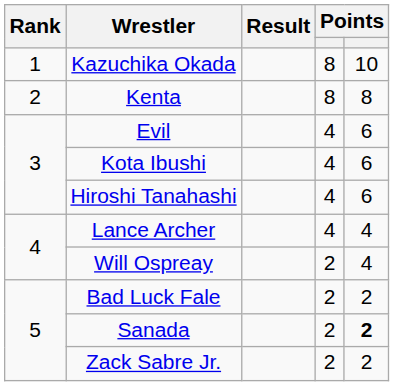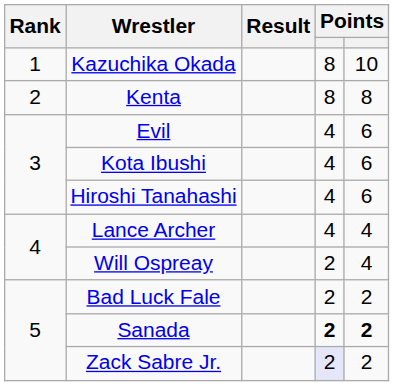 <table class="wikitable mw-collapsible mw-collapsed" plainrowheaders sortable" style="text-align: center">
 <tr>
 <th scope="col" rowspan="2">Rank</th>
 <th scope="col" rowspan="2">Wrestler</th>
 <th scope="col" rowspan="2">Result</th>
 <th scope="col" colspan="2">Points</th>
 </tr>
 <tr>
 <th></th>
 <th></th>
 </tr>
 <tr>
 <td>1</td>
 <td><a href='#'>Kazuchika Okada</a></td>
 <td></td>
 <td>8</td>
 <td>10</td>
 </tr>
 <tr>
 <td>2</td>
 <td><a href='#'>Kenta</a></td>
 <td></td>
 <td>8</td>
 <td>8</td>
 </tr>
 <tr>
 <td rowspan="3">3</td>
 <td><a href='#'>Evil</a></td>
 <td></td>
 <td>4</td>
 <td>6</td>
 </tr>
 <tr>
 <td><a href='#'>Kota Ibushi</a></td>
 <td></td>
 <td>4</td>
 <td>6</td>
 </tr>
 <tr>
 <td><a href='#'>Hiroshi Tanahashi</a></td>
 <td></td>
 <td>4</td>
 <td>6</td>
 </tr>
 <tr>
 <td rowspan="2">4</td>
 <td><a href='#'>Lance Archer</a></td>
 <td></td>
 <td>4</td>
 <td>4</td>
 </tr>
 <tr>
 <td><a href='#'>Will Ospreay</a></td>
 <td></td>
 <td>2</td>
 <td>4</td>
 </tr>
 <tr>
 <td rowspan="3">5</td>
 <td><a href='#'>Bad Luck Fale</a></td>
 <td></td>
 <td>2</td>
 <td>2</td>
 </tr>
 <tr>
 <td><a href='#'>Sanada</a></td>
 <td></td>
-<td>2</td>
+<td><strong>2</strong></td>
 <td><strong>2</strong></td>
 </tr>
 <tr>
 <td><a href='#'>Zack Sabre Jr.</a></td>
 <td></td>
-<td>2</td>
+<td style="background: lavender;">2</td>
 <td>2</td>
 </tr>
 </table>
